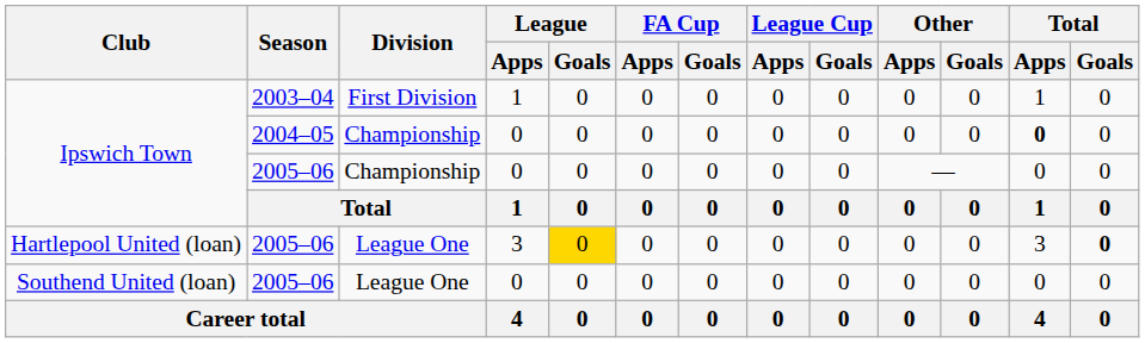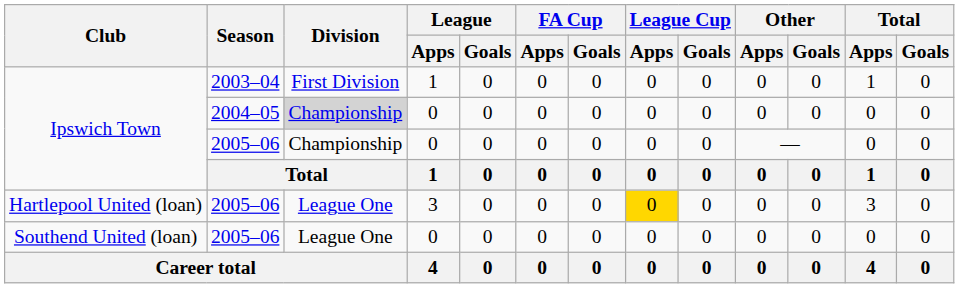 <table class="wikitable" style="text-align:center">
 <tr>
 <th rowspan="2">Club</th>
 <th rowspan="2">Season</th>
 <th rowspan="2">Division</th>
 <th colspan="2">League</th>
 <th colspan="2"><a href='#'>FA Cup</a></th>
 <th colspan="2"><a href='#'>League Cup</a></th>
 <th colspan="2">Other</th>
 <th colspan="2">Total</th>
 </tr>
 <tr>
 <th>Apps</th>
 <th>Goals</th>
 <th>Apps</th>
 <th>Goals</th>
 <th>Apps</th>
 <th>Goals</th>
 <th>Apps</th>
 <th>Goals</th>
 <th>Apps</th>
 <th>Goals</th>
 </tr>
 <tr>
 <td rowspan="4"><a href='#'>Ipswich Town</a></td>
 <td><a href='#'>2003–04</a></td>
 <td><a href='#'>First Division</a></td>
 <td>1</td>
 <td>0</td>
 <td>0</td>
 <td>0</td>
 <td>0</td>
 <td>0</td>
 <td>0</td>
 <td>0</td>
 <td>1</td>
 <td>0</td>
 </tr>
 <tr>
 <td><a href='#'>2004–05</a></td>
-<td><a href='#'>Championship</a></td>
+<td style="background: lightgrey;"><a href='#'>Championship</a></td>
 <td>0</td>
 <td>0</td>
 <td>0</td>
 <td>0</td>
 <td>0</td>
 <td>0</td>
 <td>0</td>
 <td>0</td>
-<td><strong>0</strong></td>
+<td>0</td>
 <td>0</td>
 </tr>
 <tr>
 <td><a href='#'>2005–06</a></td>
 <td>Championship</td>
 <td>0</td>
 <td>0</td>
 <td>0</td>
 <td>0</td>
 <td>0</td>
 <td>0</td>
 <td colspan="2">—</td>
 <td>0</td>
 <td>0</td>
 </tr>
 <tr>
 <th colspan=2>Total</th>
 <th>1</th>
 <th>0</th>
 <th>0</th>
 <th>0</th>
 <th>0</th>
 <th>0</th>
 <th>0</th>
 <th>0</th>
 <th>1</th>
 <th>0</th>
 </tr>
 <tr>
 <td><a href='#'>Hartlepool United</a> (loan)</td>
 <td><a href='#'>2005–06</a></td>
 <td><a href='#'>League One</a></td>
 <td>3</td>
+<td>0</td>
+<td>0</td>
+<td>0</td>
 <td style="background: gold;">0</td>
 <td>0</td>
 <td>0</td>
 <td>0</td>
+<td>3</td>
 <td>0</td>
-<td>0</td>
-<td>0</td>
-<td>3</td>
-<td><strong>0</strong></td>
 </tr>
 <tr>
 <td><a href='#'>Southend United</a> (loan)</td>
 <td><a href='#'>2005–06</a></td>
 <td>League One</td>
 <td>0</td>
 <td>0</td>
 <td>0</td>
 <td>0</td>
 <td>0</td>
 <td>0</td>
 <td>0</td>
 <td>0</td>
 <td>0</td>
 <td>0</td>
 </tr>
 <tr>
 <th colspan=3>Career total</th>
 <th>4</th>
 <th>0</th>
 <th>0</th>
 <th>0</th>
 <th>0</th>
 <th>0</th>
 <th>0</th>
 <th>0</th>
 <th>4</th>
 <th>0</th>
 </tr>
 </table>
